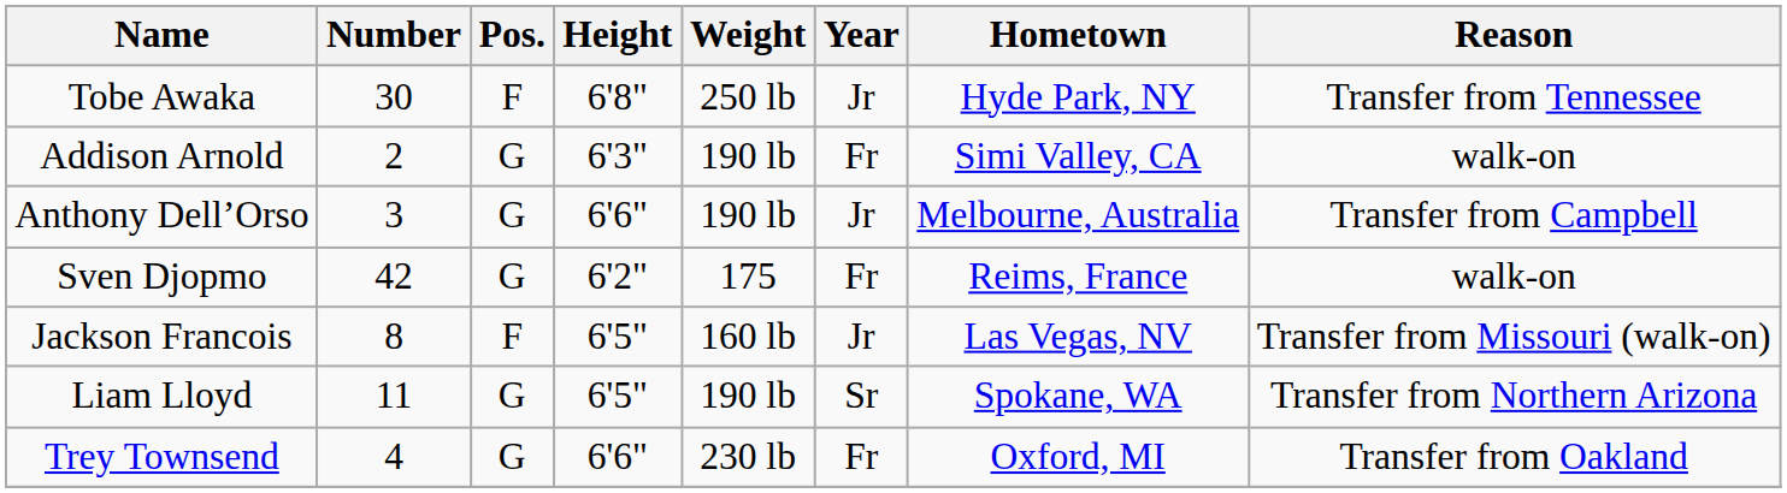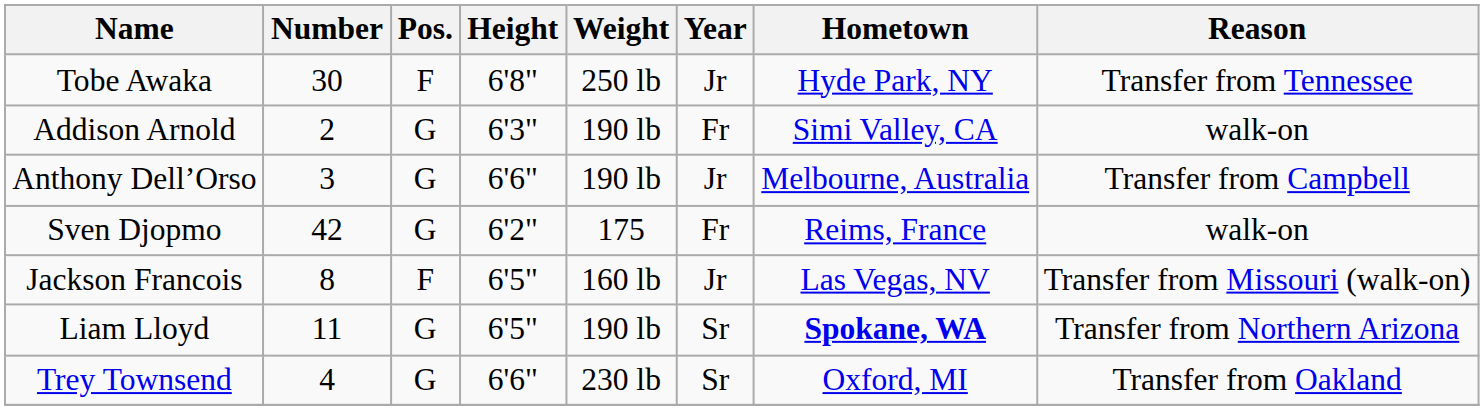 <table class="wikitable sortable" style="text-align: center">
 <tr align=center>
 <th>Name</th>
 <th>Number</th>
 <th>Pos.</th>
 <th>Height</th>
 <th>Weight</th>
 <th>Year</th>
 <th>Hometown</th>
 <th>Reason</th>
 </tr>
 <tr>
 <td>Tobe Awaka</td>
 <td>30</td>
 <td>F</td>
 <td>6'8"</td>
 <td>250 lb</td>
 <td>Jr</td>
 <td><a href='#'>Hyde Park, NY</a></td>
 <td>Transfer from <a href='#'>Tennessee</a></td>
 </tr>
 <tr>
 <td>Addison Arnold</td>
 <td>2</td>
 <td>G</td>
 <td>6'3"</td>
 <td>190 lb</td>
 <td>Fr</td>
 <td><a href='#'>Simi Valley, CA</a></td>
 <td>walk-on</td>
 </tr>
 <tr>
 <td>Anthony Dell’Orso</td>
 <td>3</td>
 <td>G</td>
 <td>6'6"</td>
 <td>190 lb</td>
 <td>Jr</td>
 <td><a href='#'>Melbourne, Australia</a></td>
 <td>Transfer from <a href='#'>Campbell</a></td>
 </tr>
 <tr>
 <td>Sven Djopmo</td>
 <td>42</td>
 <td>G</td>
 <td>6'2"</td>
 <td>175</td>
 <td>Fr</td>
 <td><a href='#'>Reims, France</a></td>
 <td>walk-on</td>
 </tr>
 <tr>
 <td>Jackson Francois</td>
 <td>8</td>
 <td>F</td>
 <td>6'5"</td>
 <td>160 lb</td>
 <td>Jr</td>
 <td><a href='#'>Las Vegas, NV</a></td>
 <td>Transfer from <a href='#'>Missouri</a> (walk-on)</td>
 </tr>
 <tr>
 <td>Liam Lloyd</td>
 <td>11</td>
 <td>G</td>
 <td>6'5"</td>
 <td>190 lb</td>
 <td>Sr</td>
-<td><a href='#'>Spokane, WA</a></td>
+<td><strong><a href='#'>Spokane, WA</a></strong></td>
 <td>Transfer from <a href='#'>Northern Arizona</a></td>
 </tr>
 <tr>
 <td><a href='#'>Trey Townsend</a></td>
 <td>4</td>
 <td>G</td>
 <td>6'6"</td>
 <td>230 lb</td>
-<td>Fr</td>
+<td>Sr</td>
 <td><a href='#'>Oxford, MI</a></td>
 <td>Transfer from <a href='#'>Oakland</a></td>
 </tr>
 <tr>
 </tr>
 </table>
